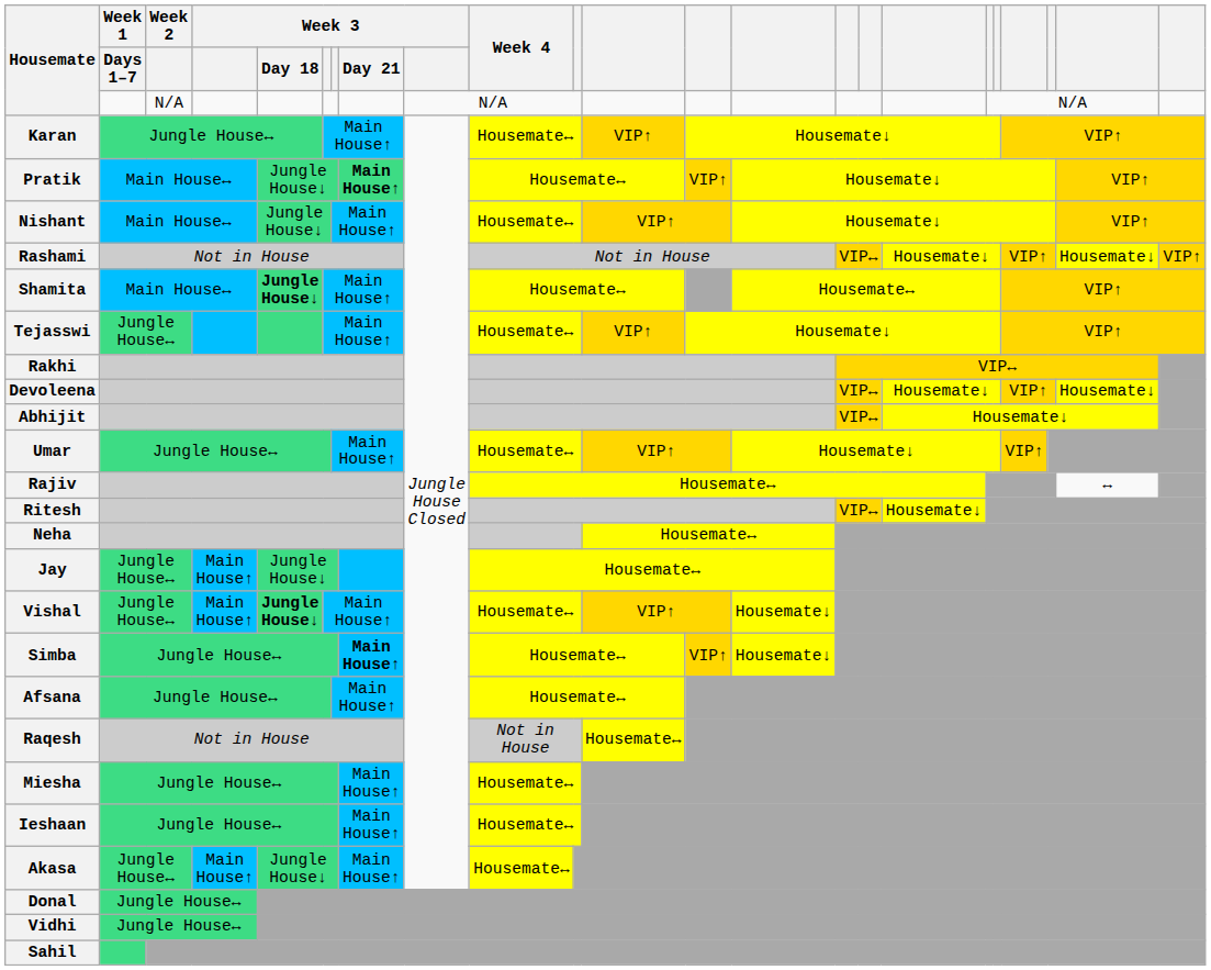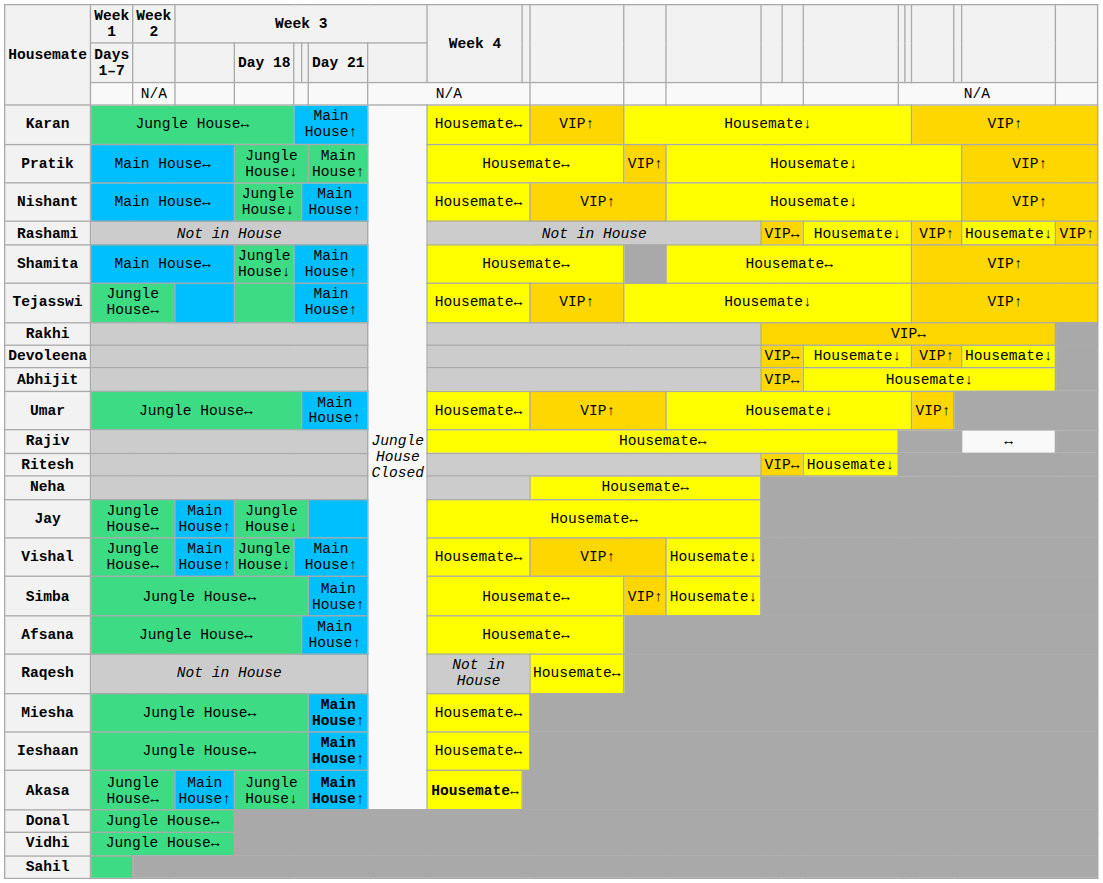 <table class="wikitable" style="text-align:center; font-size:85%;">
 <tr>
 <th rowspan="3" style="width:5%;">Housemate</th>
 <th style="width:5%;">Week 1</th>
 <th style="width:5%;">Week 2</th>
 <th colspan="6" style="width:5%;">Week 3</th>
 <th rowspan="2" style="width:5%;">Week 4</th>
 <th rowspan="2" style="width:5%;"></th>
 <th rowspan="2" style="width:5%;"></th>
 <th rowspan="2" style="width:5%;"></th>
 <th rowspan="2" style="width:5%;"></th>
 <th rowspan="2" style="width:5%;"></th>
 <th rowspan="2" style="width:5%;"></th>
 <th rowspan="2" style="width:5%;"></th>
 <th rowspan="2" style="width:5%;"></th>
 <th rowspan="2" style="width:5%;"></th>
 <th rowspan="2" style="width:5%;"></th>
 <th rowspan="2" style="width:5%;"></th>
 <th rowspan="2" style="width:5%;"></th>
 <th colspan="2" rowspan="2" style="width:5%;"></th>
 </tr>
 <tr>
 <th style="width:5%;">Days 1–7</th>
 <th style="width:5%;"></th>
 <th style="width:5%;"></th>
 <th style="width:5%;">Day 18</th>
 <th style="width:5%;"></th>
 <th style="width:5%;"></th>
 <th style="width:5%;">Day 21</th>
 <th style="width:5%;"></th>
 </tr>
 <tr>
 <td></td>
 <td>N/A</td>
 <td></td>
 <td></td>
 <td colspan="2"></td>
 <td></td>
 <td colspan="3">N/A</td>
 <td> </td>
 <td></td>
 <td></td>
 <td colspan="2"></td>
 <td></td>
 <td colspan="5">N/A</td>
 <td colspan="2"></td>
 </tr>
 <tr>
 <th>Karan</th>
 <td colspan="4" style="background:#3DDC84;">Jungle House↔</td>
 <td colspan="3" style="background:#00BFFF;">Main House↑</td>
 <td rowspan="21"><em>Jungle House Closed</em></td>
 <td colspan="2" style="background:yellow;">Housemate↔</td>
 <td colspan="1" style="background:Gold;">VIP↑</td>
 <td colspan="7" style="background:yellow;">Housemate↓</td>
 <td colspan="5" style="background:Gold;">VIP↑</td>
 </tr>
 <tr>
 <th>Pratik</th>
 <td colspan=3 style="background:#00BFFF;">Main House↔</td>
 <td colspan=3 style="background:#3DDC84;">Jungle House↓</td>
-<td colspan=1 style="background:#3DDC84;"><strong>Main House↑</strong></td>
+<td colspan=1 style="background:#3DDC84;">Main House↑</td>
 <td colspan=3 style="background:yellow;">Housemate↔</td>
 <td colspan=1 style="background:Gold;">VIP↑</td>
 <td colspan=8 style="background:yellow;">Housemate↓</td>
 <td colspan="3" style="background:Gold;">VIP↑</td>
 </tr>
 <tr>
 <th>Nishant</th>
 <td colspan=3 style="background:#00BFFF;">Main House↔</td>
 <td colspan=2 style="background:#3DDC84;">Jungle House↓</td>
 <td colspan=2 style="background:#00BFFF;">Main House↑</td>
 <td colspan=2 style="background:yellow;">Housemate↔</td>
 <td colspan=2 style="background:Gold;">VIP↑</td>
 <td colspan=8 style="background:yellow;">Housemate↓</td>
 <td colspan="3" style="background:Gold;">VIP↑</td>
 </tr>
 <tr>
 <th>Rashami</th>
 <td colspan="7" style="background:#ccc;"><em>Not in House</em></td>
 <td colspan="5" style="background:#ccc;"><em>Not in House</em></td>
 <td colspan=2 style="background:Gold;">VIP↔</td>
 <td colspan=3 style="background:yellow;">Housemate↓</td>
 <td colspan=2 style="background:Gold;">VIP↑</td>
 <td colspan=1 style="background:yellow;">Housemate↓</td>
 <td colspan="2" style="background:Gold;">VIP↑</td>
 </tr>
 <tr>
 <th>Shamita</th>
 <td colspan="3" style="background:#00BFFF;">Main House↔</td>
-<td colspan="1" style="background:#3DDC84;"><strong>Jungle House↓</strong></td>
+<td colspan="1" style="background:#3DDC84;">Jungle House↓</td>
 <td colspan="3" style="background:#00BFFF;">Main House↑</td>
 <td colspan="3" style="background:yellow;">Housemate↔</td>
 <td colspan="1" style="background:darkgrey;"></td>
 <td colspan="6" style="background:yellow;">Housemate↔</td>
 <td colspan="5" style="background:Gold;">VIP↑</td>
 </tr>
 <tr>
 <th>Tejasswi</th>
 <td colspan="2" style="background:#3DDC84;">Jungle House↔</td>
 <td colspan="1" style="background:#00BFFF;"></td>
 <td colspan="1" style="background:#3DDC84;"></td>
 <td colspan="3" style="background:#00BFFF;">Main House↑</td>
 <td colspan="2" style="background:yellow;">Housemate↔</td>
 <td colspan="1" style="background:Gold;">VIP↑</td>
 <td colspan="7" style="background:yellow;">Housemate↓</td>
 <td colspan="5" style="background:Gold;">VIP↑</td>
 </tr>
 <tr>
 <th>Rakhi</th>
 <td colspan="7" style="background:#ccc;"></td>
 <td colspan="5" style="background:#ccc;"></td>
 <td colspan="9" style="background:Gold;">VIP↔</td>
 <td style="background:darkgray;"></td>
 </tr>
 <tr>
 <th>Devoleena</th>
 <td colspan="7" style="background:#ccc;"></td>
 <td colspan="5" style="background:#ccc;"></td>
 <td colspan="2" style="background:Gold;">VIP↔</td>
 <td colspan=3 style="background:yellow;">Housemate↓</td>
 <td colspan=2 style="background:Gold;">VIP↑</td>
 <td colspan=1 style="background:yellow;">Housemate↓</td>
 <td colspan="2" rowspan="2" style="background:darkgray;"></td>
 </tr>
 <tr>
 <th>Abhijit</th>
 <td colspan="7" style="background:#ccc;"></td>
 <td colspan="5" style="background:#ccc;"></td>
 <td colspan="2" style="background:Gold;">VIP↔</td>
 <td colspan=6 style="background:yellow;">Housemate↓</td>
 </tr>
 <tr>
 <th>Umar</th>
 <td colspan=5 style="background:#3DDC84;">Jungle House↔</td>
 <td colspan=2 style="background:#00BFFF;">Main House↑</td>
 <td colspan=2 style="background:yellow;">Housemate↔</td>
 <td colspan=2 style="background:Gold;">VIP↑</td>
 <td colspan=6 style="background:yellow;">Housemate↓</td>
 <td colspan=1 style="background:Gold;">VIP↑</td>
 <td colspan="4" style="background:darkgray;"></td>
 </tr>
 <tr>
 <th>Rajiv</th>
 <td colspan="7" style="background: #ccc;"></td>
 <td colspan=8 style="background:Yellow;">Housemate↔</td>
 <td colspan=4 style="background:darkgray;"></td>
 <td>↔</td>
 <td colspan="2" style="background:darkgray;"></td>
 </tr>
 <tr>
 <th>Ritesh</th>
 <td colspan="7" style="background: #ccc;"></td>
 <td colspan="5" style="background: #ccc;"></td>
 <td colspan=2 style="background:Gold;">VIP↔</td>
 <td colspan=1 style="background:yellow;">Housemate↓</td>
 <td colspan="7" style="background:darkgray;"></td>
 </tr>
 <tr>
 <th>Neha</th>
 <td colspan=7 style="background: #ccc;"></td>
 <td colspan=2 style="background: #ccc;"></td>
 <td colspan=3 style="background:yellow;">Housemate↔</td>
 <td colspan="10" style="background:darkgray;"></td>
 </tr>
 <tr>
 <th>Jay</th>
 <td colspan=2 style="background:#3DDC84;">Jungle House↔</td>
 <td colspan=1 style="background:#00BFFF;">Main House↑</td>
 <td colspan=3 style="background:#3DDC84;">Jungle House↓</td>
 <td colspan=1 style="background:#00BFFF;"></td>
 <td colspan=5 style="background:yellow;">Housemate↔</td>
 <td colspan="10" style="background:darkgray;"></td>
 </tr>
 <tr>
 <th>Vishal</th>
 <td colspan=2 style="background:#3DDC84;">Jungle House↔</td>
 <td colspan=1 style="background:#00BFFF;">Main House↑</td>
-<td colspan=1 style="background:#3DDC84;"><strong>Jungle House↓</strong></td>
+<td colspan=1 style="background:#3DDC84;">Jungle House↓</td>
 <td colspan=3 style="background:#00BFFF;">Main House↑</td>
 <td colspan=2 style="background:yellow;">Housemate↔</td>
 <td colspan=2 style="background:Gold;">VIP↑</td>
 <td colspan=1 style="background:yellow;">Housemate↓</td>
 <td colspan="10" style="background:darkgray;"></td>
 </tr>
 <tr>
 <th>Simba</th>
 <td colspan=6 style="background:#3DDC84;">Jungle House↔</td>
-<td colspan=1 style="background:#00BFFF;"><strong>Main House↑</strong></td>
+<td colspan=1 style="background:#00BFFF;">Main House↑</td>
 <td colspan=3 style="background:yellow;">Housemate↔</td>
 <td colspan=1 style="background:Gold;">VIP↑</td>
 <td colspan=1 style="background:yellow;">Housemate↓</td>
 <td colspan="10" style="background:darkgray;"></td>
 </tr>
 <tr>
 <th>Afsana</th>
 <td colspan=5 style="background:#3DDC84;">Jungle House↔</td>
 <td colspan=2 style="background:#00BFFF;">Main House↑</td>
 <td colspan=3 style="background:yellow;">Housemate↔</td>
 <td colspan="12" style="background:darkgray;"></td>
 </tr>
 <tr>
 <th>Raqesh</th>
 <td style="background:#ccc;" colspan=7><em>Not in House</em></td>
 <td colspan=2 style="background:#ccc;"><em>Not in House</em></td>
 <td colspan=1 style="background:yellow;">Housemate↔</td>
 <td colspan="12" style="background:darkgray;"></td>
 </tr>
 <tr>
 <th>Miesha</th>
 <td colspan=6 style="background:#3DDC84;">Jungle House↔</td>
-<td colspan=1 style="background:#00BFFF;">Main House↑</td>
+<td colspan=1 style="background:#00BFFF;"><strong>Main House↑</strong></td>
 <td colspan=2 style="background:yellow;">Housemate↔</td>
 <td colspan="13" style="background:darkgray;"></td>
 </tr>
 <tr>
 <th>Ieshaan</th>
 <td colspan=6 style="background:#3DDC84;">Jungle House↔</td>
-<td colspan=1 style="background:#00BFFF;">Main House↑</td>
+<td colspan=1 style="background:#00BFFF;"><strong>Main House↑</strong></td>
 <td colspan=2 style="background:yellow;">Housemate↔</td>
 <td colspan="13" style="background:darkgray;"></td>
 </tr>
 <tr>
 <th>Akasa</th>
 <td colspan=2 style="background:#3DDC84;">Jungle House↔</td>
 <td colspan=1 style="background:#00BFFF;">Main House↑</td>
 <td colspan=3 style="background:#3DDC84;">Jungle House↓</td>
-<td colspan=1 style="background:#00BFFF;">Main House↑</td>
-<td colspan=1 style="background:yellow;">Housemate↔</td>
+<td colspan=1 style="background:#00BFFF;"><strong>Main House↑</strong></td>
+<td colspan=1 style="background:yellow;"><strong>Housemate↔</strong></td>
 <td colspan="14" style="background:darkgray;"></td>
 </tr>
 <tr>
 <th>Donal</th>
 <td colspan=3 style="background:#3DDC84;">Jungle House↔</td>
 <td colspan="20" style="background:darkgray;"></td>
 </tr>
 <tr>
 <th>Vidhi</th>
 <td colspan=3 style="background:#3DDC84;">Jungle House↔</td>
 <td colspan="20" style="background:darkgray;"></td>
 </tr>
 <tr>
 <th>Sahil</th>
 <td colspan=1 style="background:#3DDC84;"></td>
 <td colspan="22" style="background:darkgray;"></td>
 </tr>
 </table>
